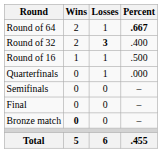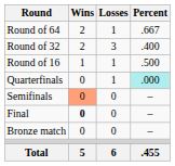 <table class=wikitable>
 <tr>
 <th>Round</th>
 <th>Wins</th>
 <th>Losses</th>
 <th>Percent</th>
 </tr>
 <tr align=center>
 <td align=left>Round of 64</td>
 <td>2</td>
 <td>1</td>
-<td><strong>.667</strong></td>
+<td>.667</td>
 </tr>
 <tr align=center>
 <td align=left>Round of 32</td>
 <td>2</td>
-<td><strong>3</strong></td>
+<td>3</td>
 <td>.400</td>
 </tr>
 <tr align=center>
 <td align=left>Round of 16</td>
 <td>1</td>
 <td>1</td>
 <td>.500</td>
 </tr>
 <tr align=center>
 <td align=left>Quarterfinals</td>
 <td>0</td>
 <td>1</td>
-<td>.000</td>
+<td style="background: paleturquoise;">.000</td>
 </tr>
 <tr align=center>
 <td align=left>Semifinals</td>
-<td>0</td>
+<td style="background: lightsalmon;">0</td>
 <td>0</td>
 <td>–</td>
 </tr>
 <tr align=center>
 <td align=left>Final</td>
-<td>0</td>
+<td><strong>0</strong></td>
 <td>0</td>
 <td>–</td>
 </tr>
 <tr align=center>
 <td align=left>Bronze match</td>
-<td><strong>0</strong></td>
+<td>0</td>
 <td>0</td>
 <td>–</td>
 </tr>
 <tr>
 <td colspan=4 bgcolor=lightgray></td>
 </tr>
 <tr>
 <th>Total</th>
 <th>5</th>
 <th>6</th>
 <th>.455</th>
 </tr>
 </table>
